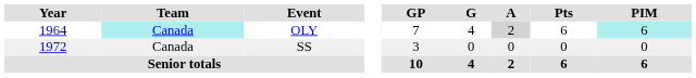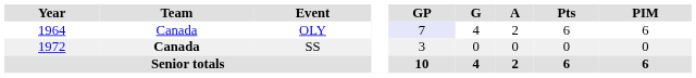 <table border="0" cellpadding="1" cellspacing="0" style="text-align:center; width:50em">
 <tr ALIGN="center" bgcolor="#e0e0e0">
 <th>Year</th>
 <th>Team</th>
 <th>Event</th>
 <th rowspan="99" bgcolor="#ffffff"> </th>
 <th>GP</th>
 <th>G</th>
 <th>A</th>
 <th>Pts</th>
 <th>PIM</th>
 </tr>
 <tr>
 <td><a href='#'>1964</a></td>
-<td style="background: paleturquoise;"><a href='#'>Canada</a></td>
+<td><a href='#'>Canada</a></td>
 <td><a href='#'>OLY</a></td>
-<td>7</td>
+<td style="background: lavender;">7</td>
 <td>4</td>
-<td style="background: lightgrey;">2</td>
+<td>2</td>
 <td>6</td>
-<td style="background: paleturquoise;">6</td>
+<td>6</td>
 </tr>
 <tr bgcolor="#f0f0f0">
 <td><a href='#'>1972</a></td>
-<td>Canada</td>
+<td><strong>Canada</strong></td>
 <td>SS</td>
 <td>3</td>
 <td>0</td>
 <td>0</td>
 <td>0</td>
 <td>0</td>
 </tr>
 <tr style="background:#e0e0e0;">
 <th colspan="3">Senior totals</th>
 <th>10</th>
 <th>4</th>
 <th>2</th>
 <th>6</th>
 <th>6</th>
 </tr>
 </table>
